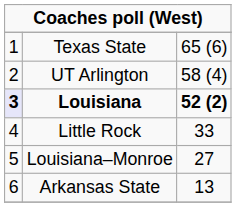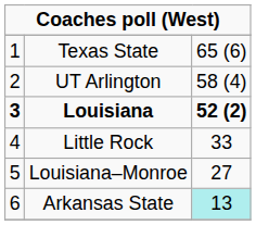 <table class="wikitable">
 <tr align="center">
 <td align="center" Colspan="3"><strong>Coaches poll (West)</strong></td>
 </tr>
 <tr align="center">
 </tr>
 <tr align="center">
 <td>1</td>
 <td>Texas State</td>
 <td>65 (6)</td>
 </tr>
 <tr align="center">
 <td>2</td>
 <td>UT Arlington</td>
 <td>58 (4)</td>
 </tr>
 <tr align="center">
-<td style="background: lavender;"><strong>3</strong></td>
+<td><strong>3</strong></td>
 <td><strong>Louisiana</strong></td>
 <td><strong>52 (2)</strong></td>
 </tr>
 <tr align="center">
 <td>4</td>
 <td>Little Rock</td>
 <td>33</td>
 </tr>
 <tr align="center">
 <td>5</td>
 <td>Louisiana–Monroe</td>
 <td>27</td>
 </tr>
 <tr align="center">
 <td>6</td>
 <td>Arkansas State</td>
-<td>13</td>
+<td style="background: paleturquoise;">13</td>
 </tr>
 <tr align="center">
 </tr>
 </table>
